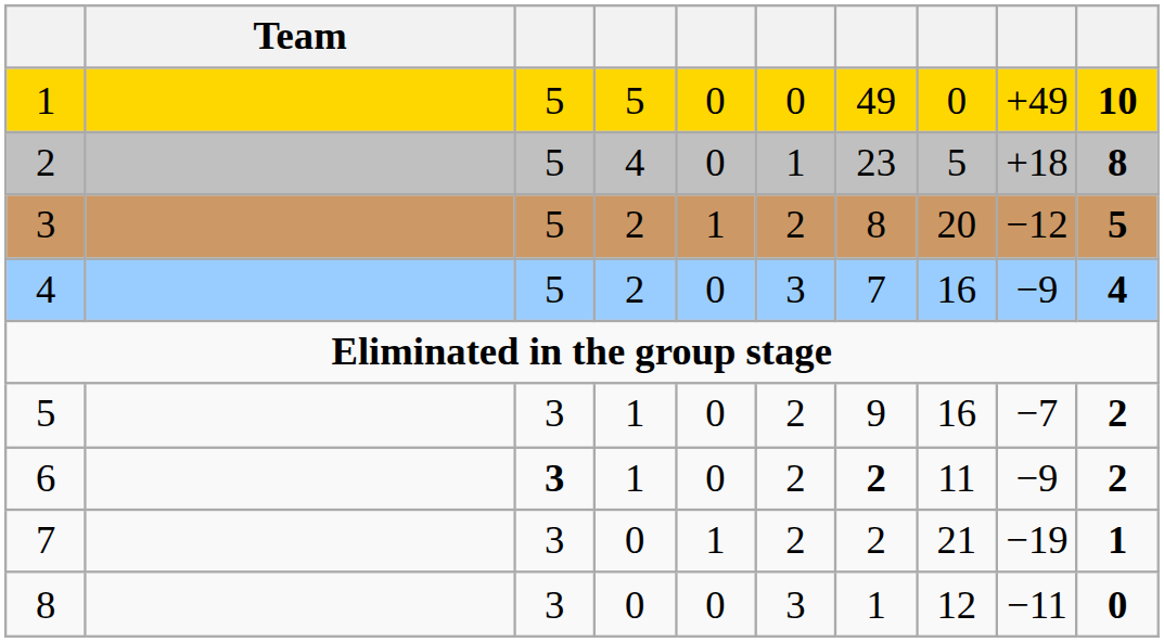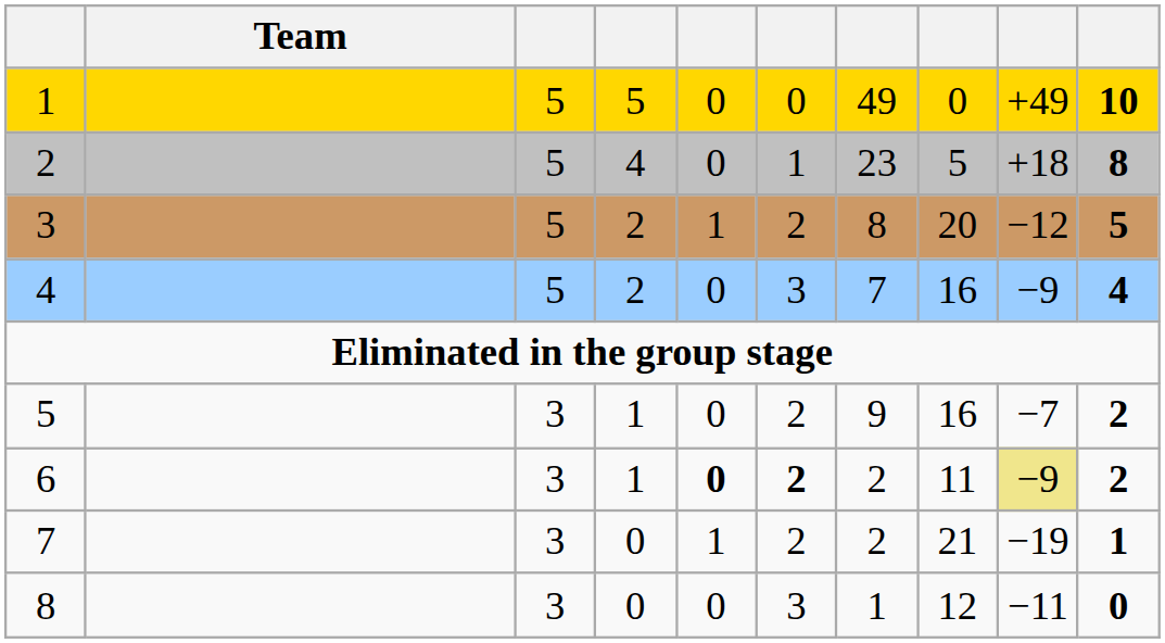 <table class="wikitable" style="text-align: center;">
 <tr>
 <th width=25></th>
 <th width=165>Team</th>
 <th width=25></th>
 <th width=25></th>
 <th width=25></th>
 <th width=25></th>
 <th width=25></th>
 <th width=25></th>
 <th width=25></th>
 <th width=25></th>
 </tr>
 <tr style="background:gold;">
 <td>1</td>
 <td style="text-align:left;"></td>
 <td>5</td>
 <td>5</td>
 <td>0</td>
 <td>0</td>
 <td>49</td>
 <td>0</td>
 <td>+49</td>
 <td><strong>10</strong></td>
 </tr>
 <tr style="background:silver;">
 <td>2</td>
 <td style="text-align:left;"></td>
 <td>5</td>
 <td>4</td>
 <td>0</td>
 <td>1</td>
 <td>23</td>
 <td>5</td>
 <td>+18</td>
 <td><strong>8</strong></td>
 </tr>
 <tr style="background:#cc9966;">
 <td>3</td>
 <td style="text-align:left;"></td>
 <td>5</td>
 <td>2</td>
 <td>1</td>
 <td>2</td>
 <td>8</td>
 <td>20</td>
 <td>−12</td>
 <td><strong>5</strong></td>
 </tr>
 <tr style="background:#9acdff;">
 <td>4</td>
 <td style="text-align:left;"></td>
 <td>5</td>
 <td>2</td>
 <td>0</td>
 <td>3</td>
 <td>7</td>
 <td>16</td>
 <td>−9</td>
 <td><strong>4</strong></td>
 </tr>
 <tr>
 <td colspan=10><strong>Eliminated in the group stage</strong></td>
 </tr>
 <tr align=center>
 <td>5</td>
 <td style="text-align:left;"></td>
 <td>3</td>
 <td>1</td>
 <td>0</td>
 <td>2</td>
 <td>9</td>
 <td>16</td>
 <td>−7</td>
 <td><strong>2</strong></td>
 </tr>
 <tr align=center>
 <td>6</td>
 <td style="text-align:left;"></td>
-<td><strong>3</strong></td>
+<td>3</td>
 <td>1</td>
-<td>0</td>
+<td><strong>0</strong></td>
+<td><strong>2</strong></td>
 <td>2</td>
-<td><strong>2</strong></td>
 <td>11</td>
-<td>−9</td>
+<td style="background: khaki;">−9</td>
 <td><strong>2</strong></td>
 </tr>
 <tr align=center>
 <td>7</td>
 <td style="text-align:left;"></td>
 <td>3</td>
 <td>0</td>
 <td>1</td>
 <td>2</td>
 <td>2</td>
 <td>21</td>
 <td>−19</td>
 <td><strong>1</strong></td>
 </tr>
 <tr align=center>
 <td>8</td>
 <td style="text-align:left;"></td>
 <td>3</td>
 <td>0</td>
 <td>0</td>
 <td>3</td>
 <td>1</td>
 <td>12</td>
 <td>−11</td>
 <td><strong>0</strong></td>
 </tr>
 </table>
